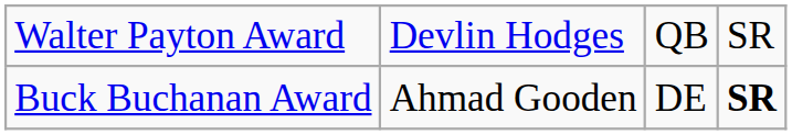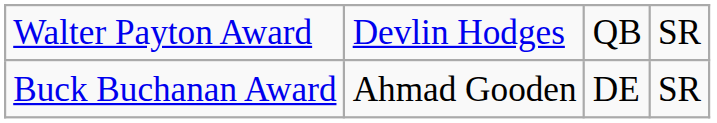 <table class="wikitable">
 <tr>
 <td><a href='#'>Walter Payton Award</a></td>
 <td><a href='#'>Devlin Hodges</a></td>
 <td>QB</td>
 <td>SR</td>
 </tr>
 <tr>
 <td><a href='#'>Buck Buchanan Award</a></td>
 <td>Ahmad Gooden</td>
 <td>DE</td>
-<td><strong>SR</strong></td>
+<td>SR</td>
 </tr>
 </table>
